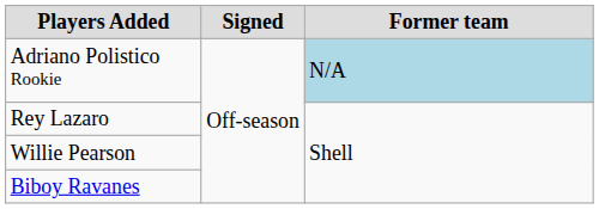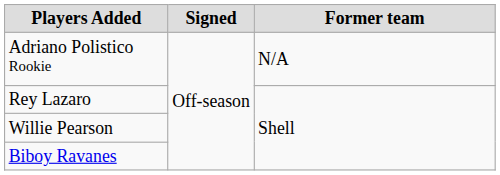 <table class="wikitable sortable sortable">
 <tr align="center" bgcolor="#dddddd">
 <td style="width:140px"><strong>Players Added</strong></td>
 <td style="width:70px"><strong>Signed</strong></td>
 <td style="width:210px"><strong>Former team</strong></td>
 </tr>
 <tr>
 <td>Adriano Polistico <sup>Rookie</sup></td>
 <td rowspan="4">Off-season</td>
-<td style="background: lightblue;">N/A</td>
+<td>N/A</td>
 </tr>
 <tr>
 <td>Rey Lazaro</td>
 <td rowspan="3">Shell</td>
 </tr>
 <tr>
 <td>Willie Pearson</td>
 </tr>
 <tr>
 <td><a href='#'>Biboy Ravanes</a></td>
 </tr>
 </table>
